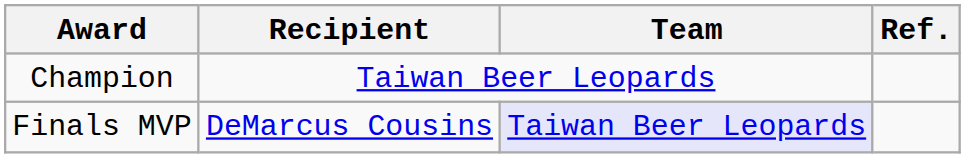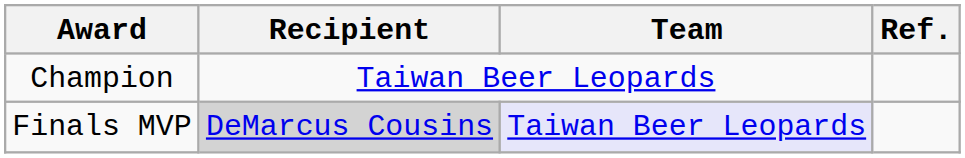 <table class="wikitable" style="text-align:center">
 <tr>
 <th>Award</th>
 <th>Recipient</th>
 <th>Team</th>
 <th>Ref.</th>
 </tr>
 <tr>
 <td>Champion</td>
 <td colspan=2><a href='#'>Taiwan Beer Leopards</a></td>
 <td></td>
 </tr>
 <tr>
 <td>Finals MVP</td>
-<td><a href='#'>DeMarcus Cousins</a></td>
+<td style="background: lightgrey;"><a href='#'>DeMarcus Cousins</a></td>
 <td style="background: lavender;"><a href='#'>Taiwan Beer Leopards</a></td>
 <td></td>
 </tr>
 </table>
